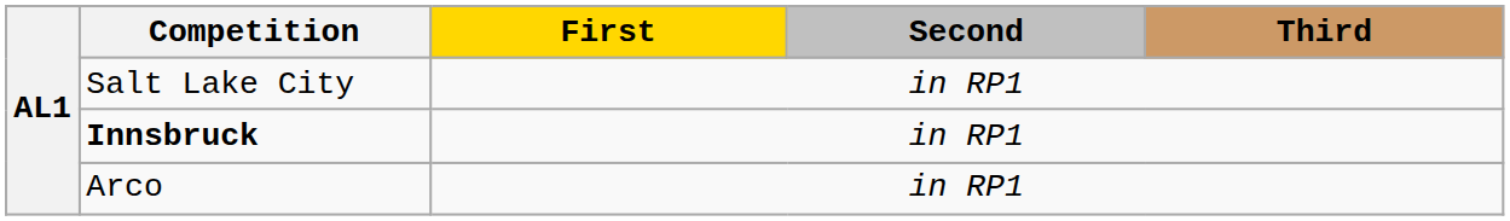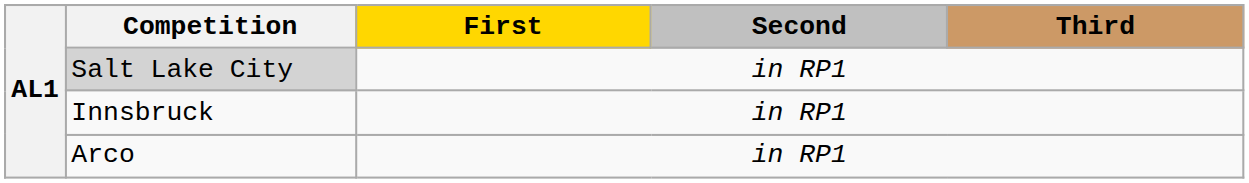 <table class="wikitable" style="text-align:center;">
 <tr>
 <th rowspan="4" width="1%">AL1</th>
 <th width="24%">Competition</th>
 <th width="25%" style="background: gold">First</th>
 <th width="25%" style="background: silver">Second</th>
 <th width="25%" style="background: #cc9966">Third</th>
 </tr>
 <tr>
-<td style="text-align:left"> Salt Lake City</td>
+<td style="background: lightgrey; text-align:left"> Salt Lake City</td>
 <td colspan="3"><em>in RP1</em></td>
 </tr>
 <tr>
-<td style="text-align:left"><strong> Innsbruck</strong></td>
+<td style="text-align:left"> Innsbruck</td>
 <td colspan="3"><em>in RP1</em></td>
 </tr>
 <tr>
 <td style="text-align:left"> Arco</td>
 <td colspan="3"><em>in RP1</em></td>
 </tr>
 </table>
